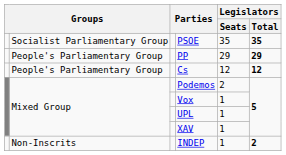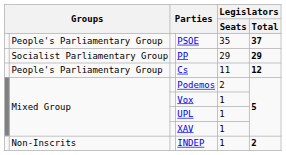 <table class="wikitable" style="text-align:left;">
 <tr>
 <th rowspan="2" colspan="2">Groups</th>
 <th rowspan="2" colspan="2">Parties</th>
 <th colspan="2">Legislators</th>
 </tr>
 <tr>
 <th>Seats</th>
 <th>Total</th>
 </tr>
 <tr>
 <td width="1" style="color:inherit;background:"></td>
-<td>Socialist Parliamentary Group</td>
+<td>People's Parliamentary Group</td>
 <td width="1" style="color:inherit;background:"></td>
 <td><a href='#'>PSOE</a></td>
 <td>35</td>
-<td><strong>35</strong></td>
+<td><strong>37</strong></td>
 </tr>
 <tr>
 <td style="color:inherit;background:"></td>
-<td>People's Parliamentary Group</td>
+<td>Socialist Parliamentary Group</td>
 <td style="color:inherit;background:"></td>
 <td><a href='#'>PP</a></td>
 <td>29</td>
 <td><strong>29</strong></td>
 </tr>
 <tr>
 <td style="color:inherit;background:"></td>
 <td>People's Parliamentary Group</td>
 <td style="color:inherit;background:"></td>
 <td><a href='#'>Cs</a></td>
-<td>12</td>
+<td>11</td>
 <td><strong>12</strong></td>
 </tr>
 <tr>
 <td rowspan="4" bgcolor="gray"></td>
 <td rowspan="4">Mixed Group</td>
 <td style="color:inherit;background:"></td>
 <td><a href='#'>Podemos</a></td>
 <td>2</td>
 <td rowspan="4"><strong>5</strong></td>
 </tr>
 <tr>
 <td style="color:inherit;background:"></td>
 <td><a href='#'>Vox</a></td>
 <td>1</td>
 </tr>
 <tr>
 <td style="color:inherit;background:"></td>
 <td><a href='#'>UPL</a></td>
 <td>1</td>
 </tr>
 <tr>
 <td style="color:inherit;background:"></td>
 <td><a href='#'>XAV</a></td>
 <td>1</td>
 </tr>
 <tr>
 <td style="color:inherit;background:"></td>
 <td>Non-Inscrits</td>
 <td style="color:inherit;background:"></td>
 <td><a href='#'>INDEP</a></td>
 <td>1</td>
 <td><strong>2</strong></td>
 </tr>
 </table>
